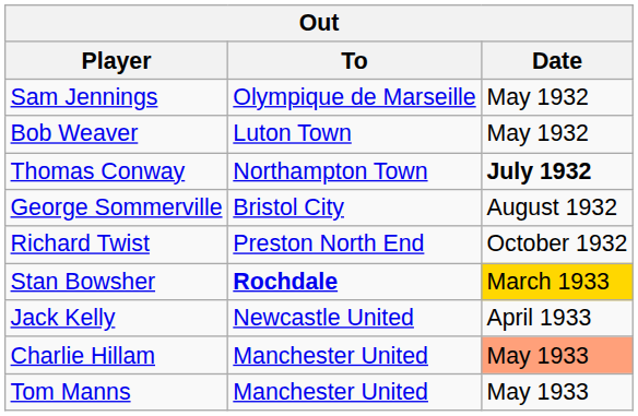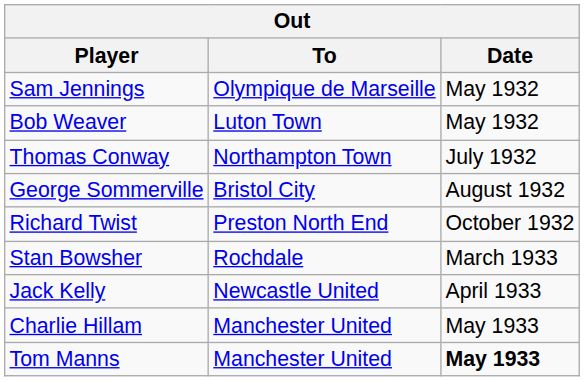 <table class="wikitable">
 <tr>
 <th colspan="4">Out</th>
 </tr>
 <tr>
 <th>Player</th>
 <th>To</th>
 <th>Date</th>
 </tr>
 <tr>
 <td><a href='#'>Sam Jennings</a></td>
 <td><a href='#'>Olympique de Marseille</a></td>
 <td>May 1932</td>
 </tr>
 <tr>
 <td><a href='#'>Bob Weaver</a></td>
 <td><a href='#'>Luton Town</a></td>
 <td>May 1932</td>
 </tr>
 <tr>
 <td><a href='#'>Thomas Conway</a></td>
 <td><a href='#'>Northampton Town</a></td>
-<td><strong>July 1932</strong></td>
+<td>July 1932</td>
 </tr>
 <tr>
 <td><a href='#'>George Sommerville</a></td>
 <td><a href='#'>Bristol City</a></td>
 <td>August 1932</td>
 </tr>
 <tr>
 <td><a href='#'>Richard Twist</a></td>
 <td><a href='#'>Preston North End</a></td>
 <td>October 1932</td>
 </tr>
 <tr>
 <td><a href='#'>Stan Bowsher</a></td>
-<td><strong><a href='#'>Rochdale</a></strong></td>
-<td style="background: gold;">March 1933</td>
+<td><a href='#'>Rochdale</a></td>
+<td>March 1933</td>
 </tr>
 <tr>
 <td><a href='#'>Jack Kelly</a></td>
 <td><a href='#'>Newcastle United</a></td>
 <td>April 1933</td>
 </tr>
 <tr>
 <td><a href='#'>Charlie Hillam</a></td>
 <td><a href='#'>Manchester United</a></td>
-<td style="background: lightsalmon;">May 1933</td>
+<td>May 1933</td>
 </tr>
 <tr>
 <td><a href='#'>Tom Manns</a></td>
 <td><a href='#'>Manchester United</a></td>
-<td>May 1933</td>
+<td><strong>May 1933</strong></td>
 </tr>
 </table>
